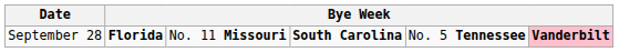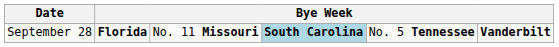 <table class="wikitable" style="font-size:95%;">
 <tr>
 <th>Date</th>
 <th colspan="5">Bye Week</th>
 </tr>
 <tr>
 <td>September 28</td>
 <td><strong>Florida</strong></td>
 <td>No. 11 <strong>Missouri</strong></td>
-<td><strong>South Carolina</strong></td>
+<td style="background: lightblue;"><strong>South Carolina</strong></td>
 <td>No. 5 <strong>Tennessee</strong></td>
-<td style="background: pink;"><strong>Vanderbilt</strong></td>
+<td><strong>Vanderbilt</strong></td>
 </tr>
 </table>
